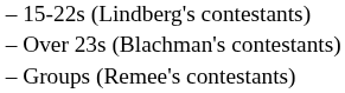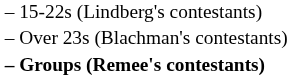 <table>
 <tr>
 <td> – 15-22s (Lindberg's contestants)</td>
 </tr>
 <tr>
 <td> – Over 23s (Blachman's contestants)</td>
 </tr>
 <tr>
-<td> – Groups (Remee's contestants)</td>
+<td><strong> – Groups (Remee's contestants)</strong></td>
 </tr>
 </table>
